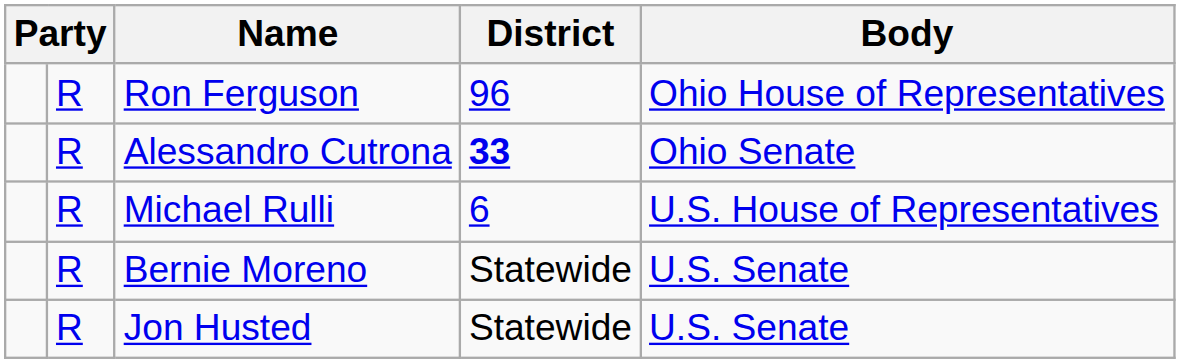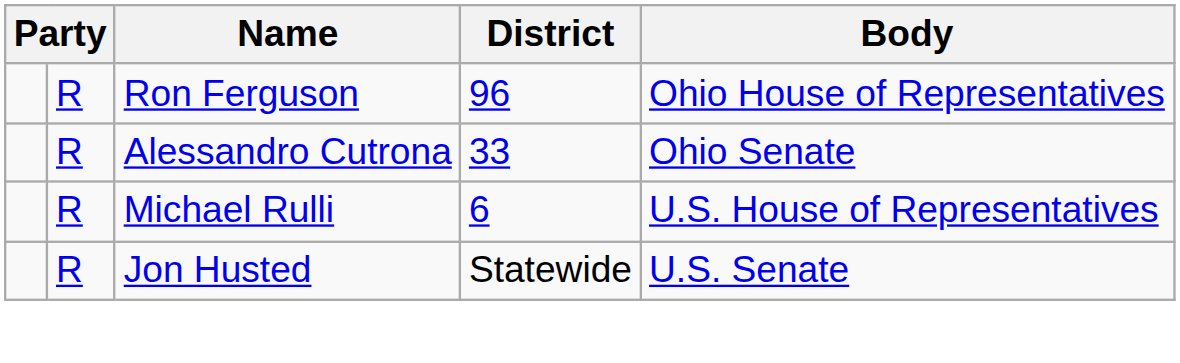 <table class=wikitable>
 <tr>
 <th colspan="2" style="text-align:center; vertical-align:bottom;">Party</th>
 <th style="text-align:center;">Name</th>
 <th valign=bottom>District</th>
 <th valign=bottom>Body</th>
 </tr>
 <tr>
 <td style="background-color:"> </td>
 <td><a href='#'>R</a></td>
 <td><a href='#'>Ron Ferguson</a></td>
 <td><a href='#'>96</a></td>
 <td><a href='#'>Ohio House of Representatives</a></td>
 </tr>
 <tr>
 <td style="background-color:"> </td>
 <td><a href='#'>R</a></td>
 <td><a href='#'>Alessandro Cutrona</a></td>
-<td><strong><a href='#'>33</a></strong></td>
+<td><a href='#'>33</a></td>
 <td><a href='#'>Ohio Senate</a></td>
 </tr>
 <tr>
 <td style="background-color:"> </td>
 <td><a href='#'>R</a></td>
 <td><a href='#'>Michael Rulli</a></td>
 <td><a href='#'>6</a></td>
 <td><a href='#'>U.S. House of Representatives</a></td>
 </tr>
 <tr>
 <td style="background-color:"> </td>
 <td><a href='#'>R</a></td>
-<td><a href='#'>Bernie Moreno</a></td>
-<td>Statewide</td>
-<td><a href='#'>U.S. Senate</a></td>
-</tr>
-<tr>
-<td style="background-color:"> </td>
-<td><a href='#'>R</a></td>
 <td><a href='#'>Jon Husted</a></td>
 <td>Statewide</td>
 <td><a href='#'>U.S. Senate</a></td>
 </tr>
 </table>
